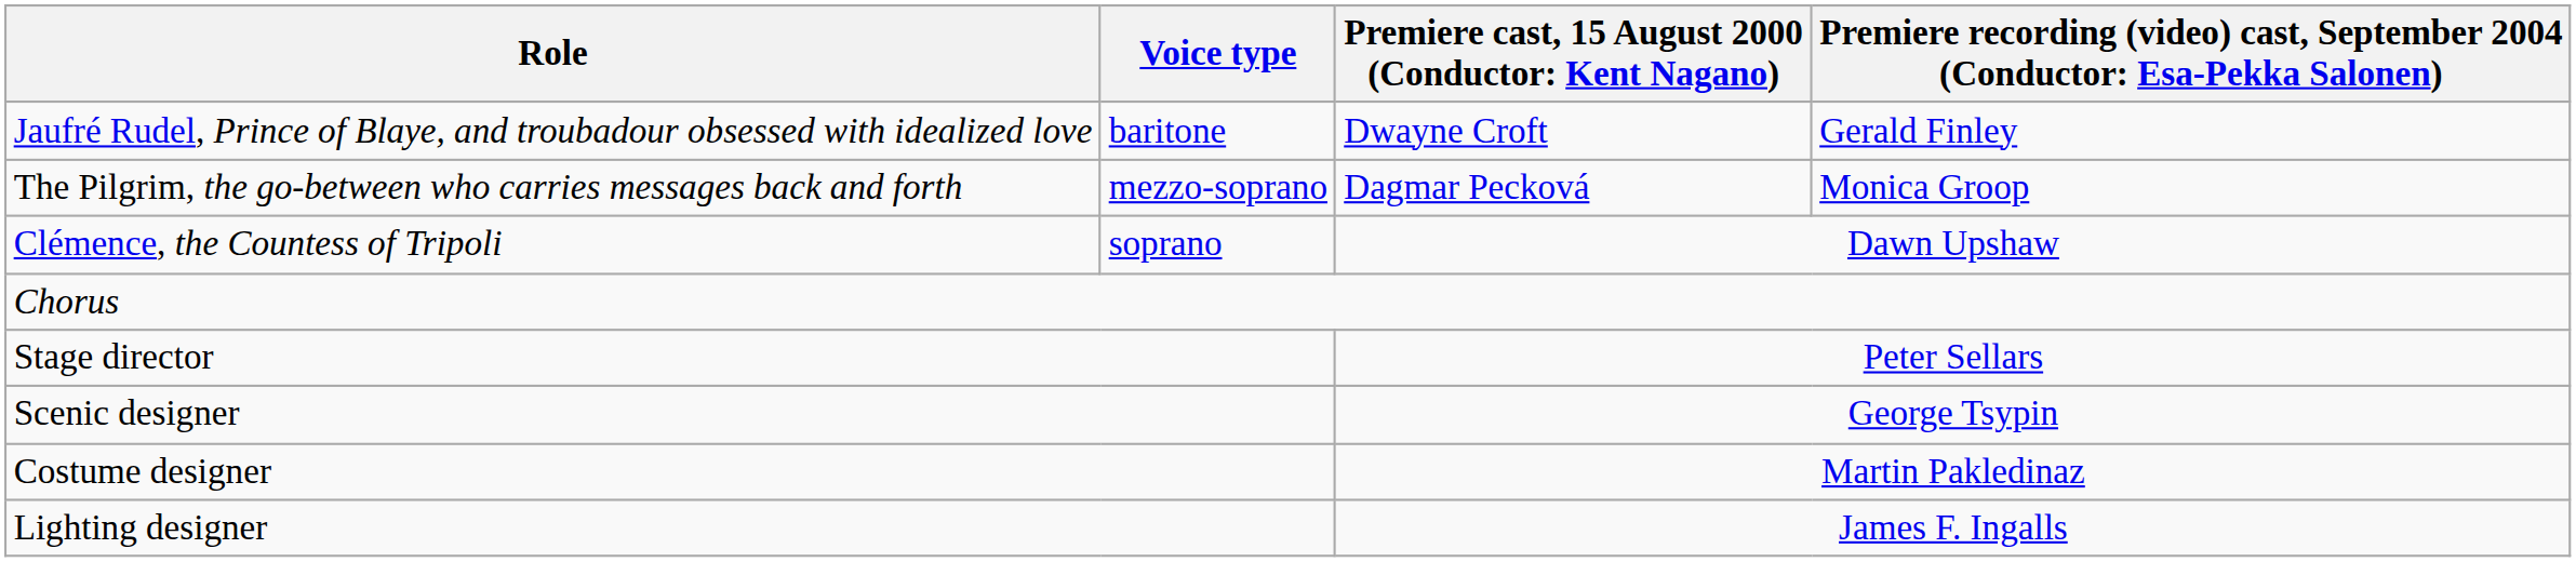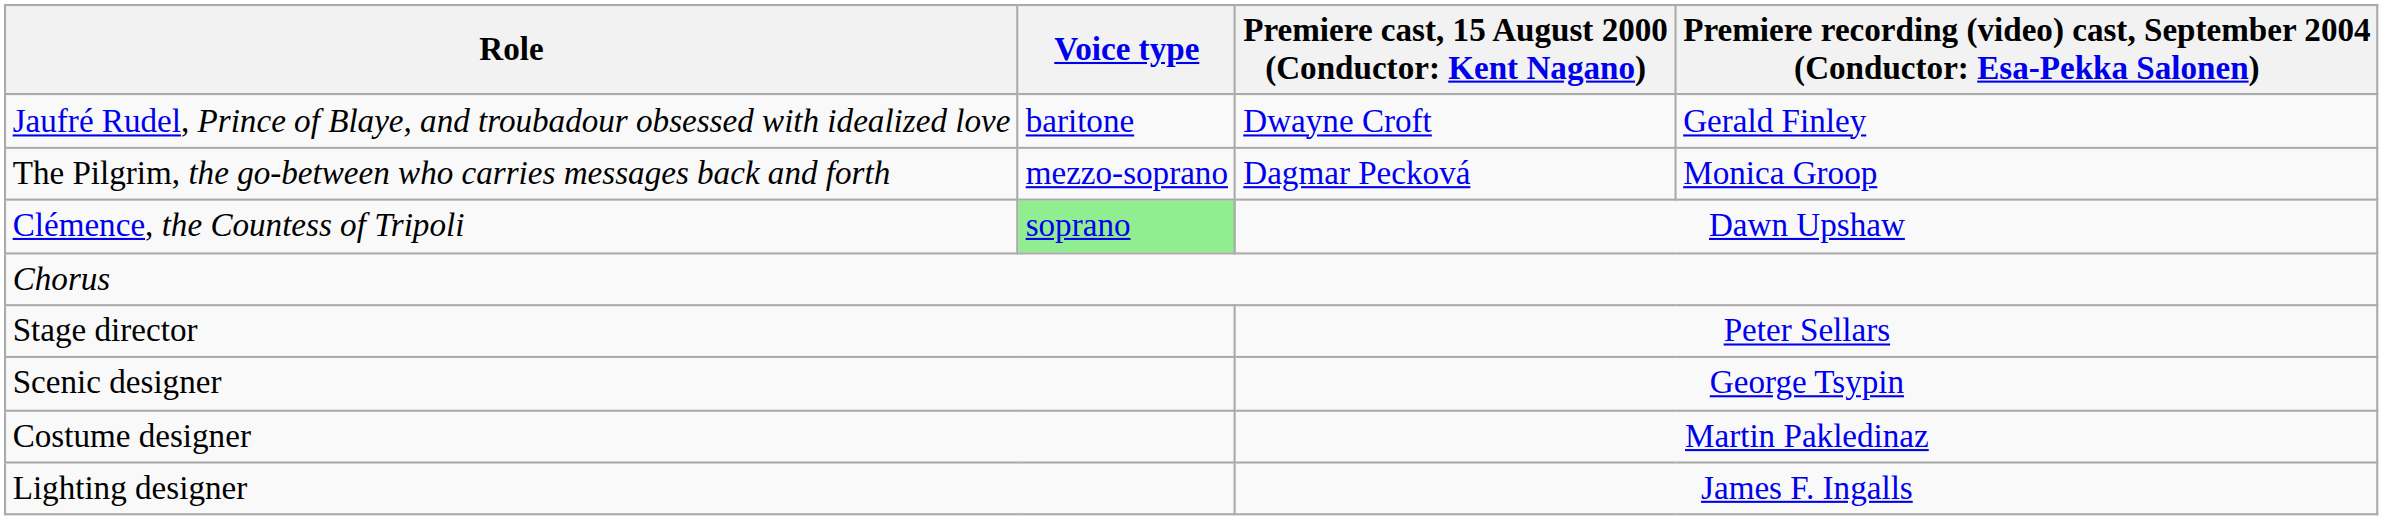 <table class="wikitable" border="1">
 <tr>
 <th>Role</th>
 <th><a href='#'>Voice type</a></th>
 <th>Premiere cast, 15 August 2000<br>(Conductor: <a href='#'>Kent Nagano</a>)</th>
 <th>Premiere recording (video) cast, September 2004<br>(Conductor: <a href='#'>Esa-Pekka Salonen</a>)</th>
 </tr>
 <tr>
 <td><a href='#'>Jaufré Rudel</a>, <em>Prince of Blaye, and troubadour obsessed with idealized love</em></td>
 <td><a href='#'>baritone</a></td>
 <td><a href='#'>Dwayne Croft</a></td>
 <td><a href='#'>Gerald Finley</a></td>
 </tr>
 <tr>
 <td>The Pilgrim, <em>the go-between who carries messages back and forth</em></td>
 <td><a href='#'>mezzo-soprano</a></td>
 <td><a href='#'>Dagmar Pecková</a></td>
 <td><a href='#'>Monica Groop</a></td>
 </tr>
 <tr>
 <td><a href='#'>Clémence</a>, <em>the Countess of Tripoli</em></td>
-<td><a href='#'>soprano</a></td>
+<td style="background: lightgreen;"><a href='#'>soprano</a></td>
 <td colspan=2 align=center><a href='#'>Dawn Upshaw</a></td>
 </tr>
 <tr>
 <td colspan=4><em>Chorus</em></td>
 </tr>
 <tr>
 <td colspan=2>Stage director</td>
 <td colspan=2 align=center><a href='#'>Peter Sellars</a></td>
 </tr>
 <tr>
 <td colspan=2>Scenic designer</td>
 <td colspan=2 align=center><a href='#'>George Tsypin</a></td>
 </tr>
 <tr>
 <td colspan=2>Costume designer</td>
 <td colspan=2 align=center><a href='#'>Martin Pakledinaz</a></td>
 </tr>
 <tr>
 <td colspan=2>Lighting designer</td>
 <td colspan=2 align=center><a href='#'>James F. Ingalls</a></td>
 </tr>
 </table>
